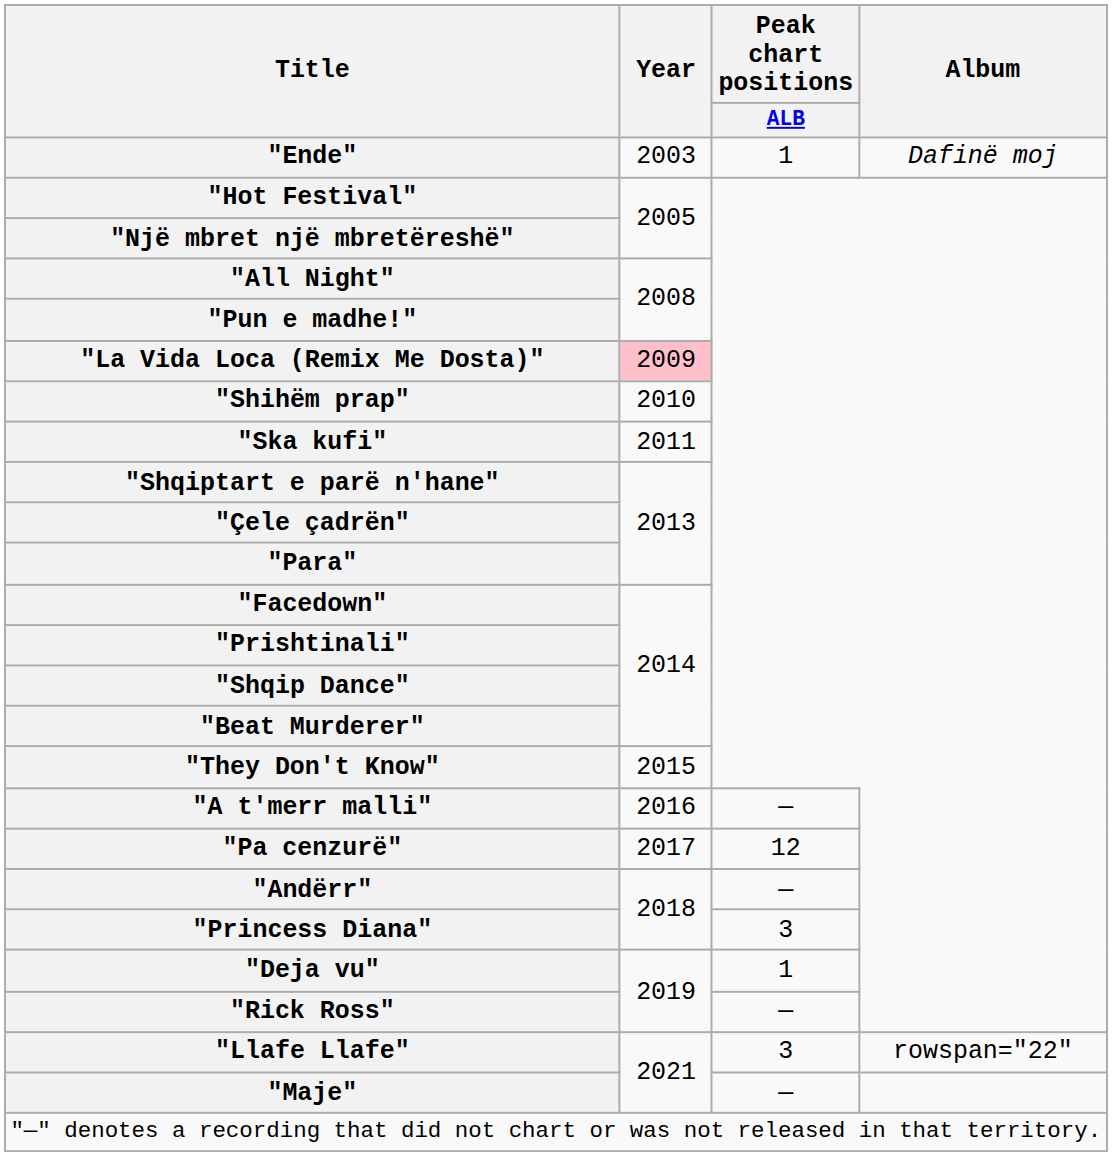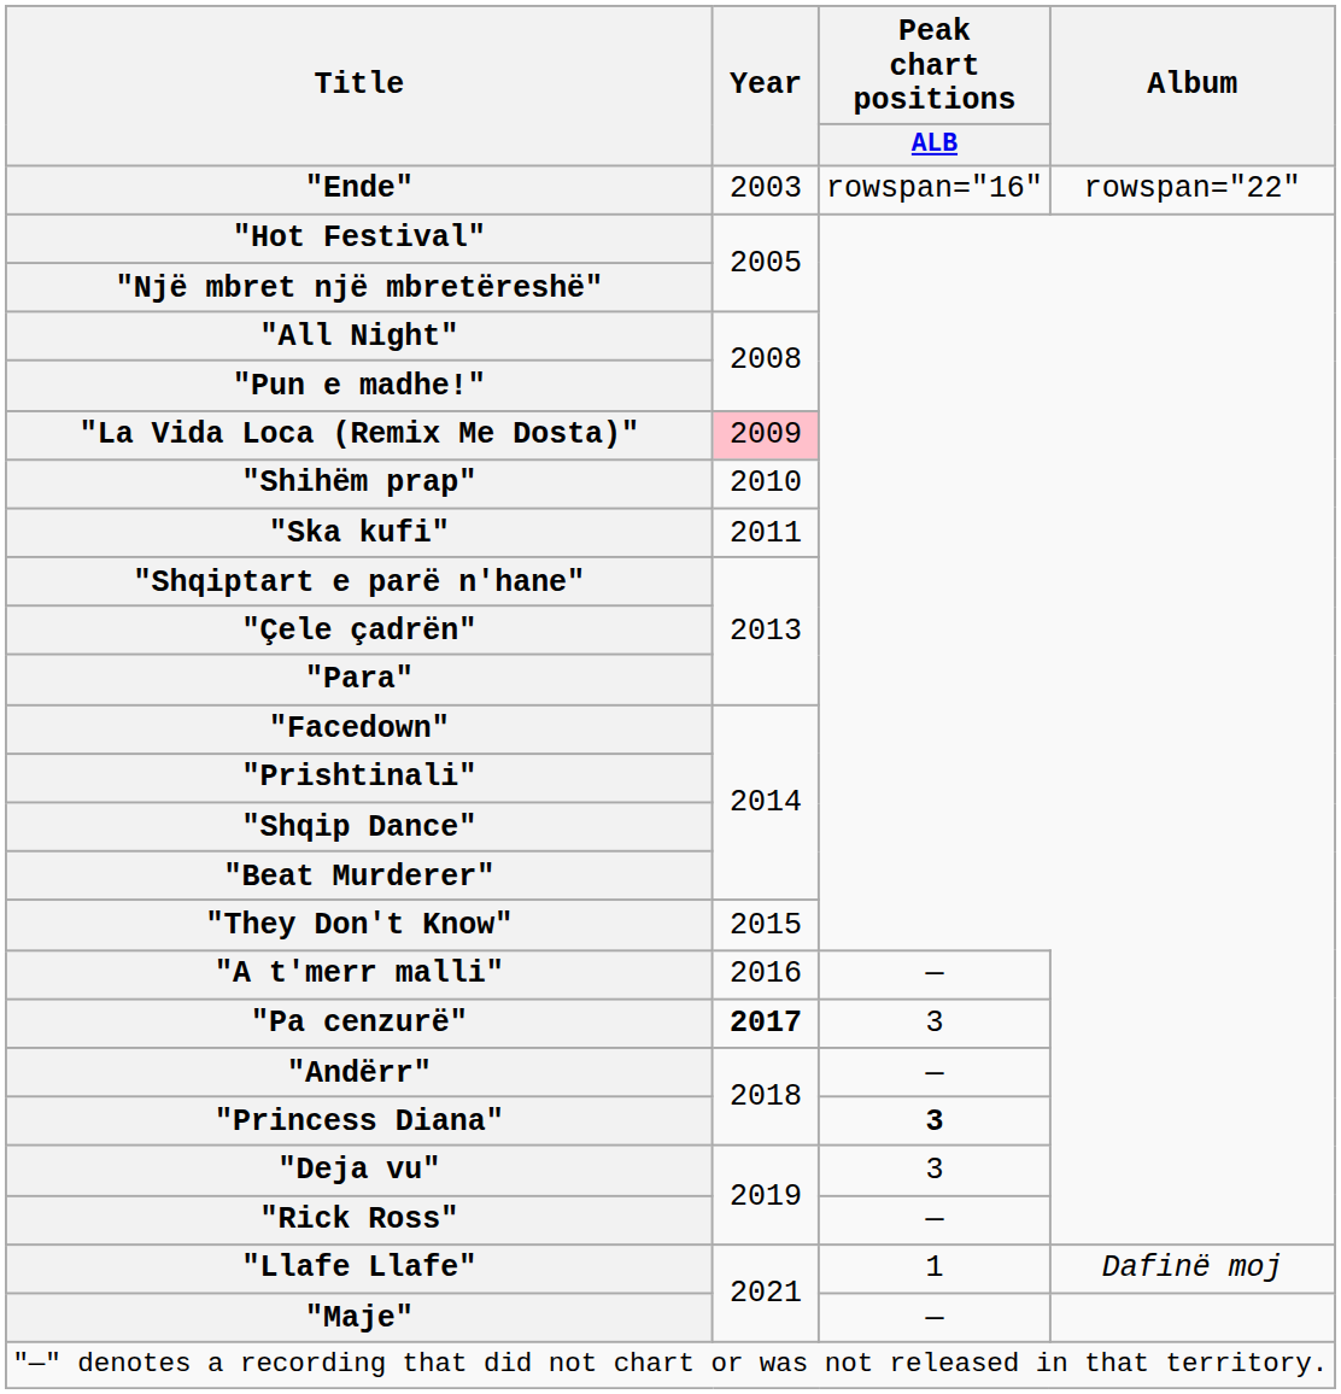 <table class="wikitable plainrowheaders" style="text-align:center;">
 <tr>
 <th scope="col" rowspan="2">Title</th>
 <th scope="col" rowspan="2">Year</th>
 <th scope="col" colspan="1">Peak<br>chart<br>positions</th>
 <th scope="col" rowspan="2">Album</th>
 </tr>
 <tr>
 <th style="width:3em; font-size:85%;"><a href='#'>ALB</a><br></th>
 </tr>
 <tr>
 <th scope="row">"Ende"<br></th>
 <td>2003</td>
-<td>1</td>
-<td><em>Dafinë moj</em></td>
+<td>rowspan="16" </td>
+<td>rowspan="22" </td>
 </tr>
 <tr>
 <th scope="row">"Hot Festival"<br></th>
 <td rowspan="2">2005</td>
 </tr>
 <tr>
 <th scope="row">"Një mbret një mbretëreshë"<br></th>
 </tr>
 <tr>
 <th scope="row">"All Night"<br></th>
 <td rowspan="2">2008</td>
 </tr>
 <tr>
 <th scope="row">"Pun e madhe!"<br></th>
 </tr>
 <tr>
 <th scope="row">"La Vida Loca (Remix Me Dosta)"<br></th>
 <td style="background: pink;">2009</td>
 </tr>
 <tr>
 <th scope="row">"Shihëm prap"<br></th>
 <td>2010</td>
 </tr>
 <tr>
 <th scope="row">"Ska kufi"<br></th>
 <td>2011</td>
 </tr>
 <tr>
 <th scope="row">"Shqiptart e parë n'hane"<br></th>
 <td rowspan="3">2013</td>
 </tr>
 <tr>
 <th scope="row">"Çele çadrën"<br></th>
 </tr>
 <tr>
 <th scope="row">"Para"<br></th>
 </tr>
 <tr>
 <th scope="row">"Facedown"<br></th>
 <td rowspan="4">2014</td>
 </tr>
 <tr>
 <th scope="row">"Prishtinali"<br></th>
 </tr>
 <tr>
 <th scope="row">"Shqip Dance"<br></th>
 </tr>
 <tr>
 <th scope="row">"Beat Murderer"<br></th>
 </tr>
 <tr>
 <th scope="row">"They Don't Know"<br></th>
 <td>2015</td>
 </tr>
 <tr>
 <th scope="row">"A t'merr malli"<br></th>
 <td>2016</td>
 <td>—</td>
 </tr>
 <tr>
 <th scope="row">"Pa cenzurë"<br></th>
-<td>2017</td>
-<td>12</td>
+<td><strong>2017</strong></td>
+<td>3</td>
 </tr>
 <tr>
 <th scope="row">"Andërr"<br></th>
 <td rowspan="2">2018</td>
 <td>—</td>
 </tr>
 <tr>
 <th scope="row">"Princess Diana"<br></th>
-<td>3</td>
+<td><strong>3</strong></td>
 </tr>
 <tr>
 <th scope="row">"Deja vu"<br></th>
 <td rowspan="2">2019</td>
-<td>1</td>
+<td>3</td>
 </tr>
 <tr>
 <th scope="row">"Rick Ross"<br></th>
 <td>—</td>
 </tr>
 <tr>
 <th scope="row">"Llafe Llafe"<br></th>
 <td rowspan="2">2021</td>
-<td>3</td>
-<td>rowspan="22" </td>
+<td>1</td>
+<td><em>Dafinë moj</em></td>
 </tr>
 <tr>
 <th scope="row">"Maje"<br></th>
 <td>—</td>
 <td></td>
 </tr>
 <tr>
 <td colspan="11" style="font-size:90%">"—" denotes a recording that did not chart or was not released in that territory.</td>
 </tr>
 </table>
